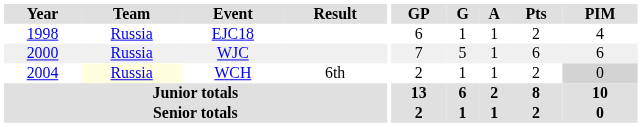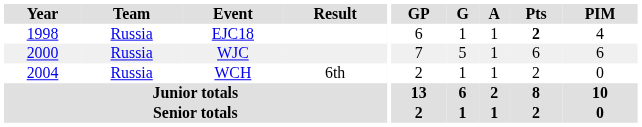 <table border="0" cellpadding="1" cellspacing="0" ID="Table3" style="text-align:center; width:40em">
 <tr ALIGN="center" bgcolor="#e0e0e0">
 <th>Year</th>
 <th>Team</th>
 <th>Event</th>
 <th>Result</th>
 <th rowspan="99" bgcolor="#ffffff"></th>
 <th>GP</th>
 <th>G</th>
 <th>A</th>
 <th>Pts</th>
 <th>PIM</th>
 </tr>
 <tr>
 <td><a href='#'>1998</a></td>
 <td><a href='#'>Russia</a></td>
 <td><a href='#'>EJC18</a></td>
 <td></td>
 <td>6</td>
 <td>1</td>
 <td>1</td>
-<td>2</td>
+<td><strong>2</strong></td>
 <td>4</td>
 </tr>
 <tr bgcolor="#f0f0f0">
 <td><a href='#'>2000</a></td>
 <td><a href='#'>Russia</a></td>
 <td><a href='#'>WJC</a></td>
 <td></td>
 <td>7</td>
 <td>5</td>
 <td>1</td>
 <td>6</td>
 <td>6</td>
 </tr>
 <tr>
 <td><a href='#'>2004</a></td>
-<td style="background: lightyellow;"><a href='#'>Russia</a></td>
+<td><a href='#'>Russia</a></td>
 <td><a href='#'>WCH</a></td>
 <td>6th</td>
 <td>2</td>
 <td>1</td>
 <td>1</td>
 <td>2</td>
-<td style="background: lightgrey;">0</td>
+<td>0</td>
 </tr>
 <tr bgcolor="#e0e0e0">
 <th colspan="4">Junior totals</th>
 <th>13</th>
 <th>6</th>
 <th>2</th>
 <th>8</th>
 <th>10</th>
 </tr>
 <tr bgcolor="#e0e0e0">
 <th colspan="4">Senior totals</th>
 <th>2</th>
 <th>1</th>
 <th>1</th>
 <th>2</th>
 <th>0</th>
 </tr>
 </table>
